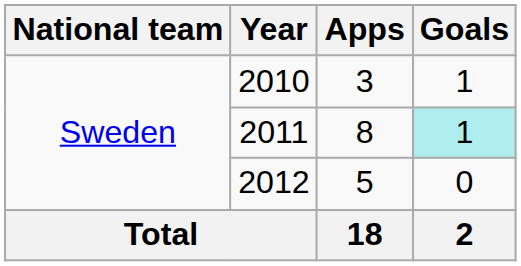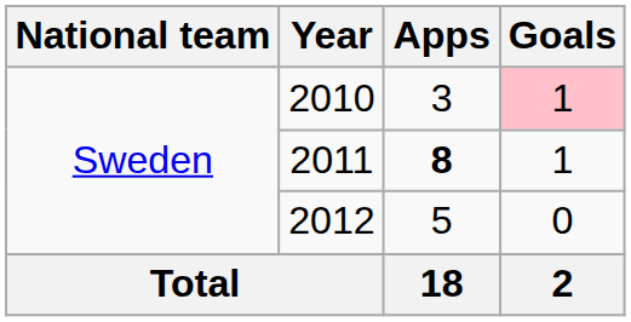 <table class="wikitable" style="text-align:center">
 <tr>
 <th>National team</th>
 <th>Year</th>
 <th>Apps</th>
 <th>Goals</th>
 </tr>
 <tr>
 <td rowspan="3"><a href='#'>Sweden</a></td>
 <td>2010</td>
 <td>3</td>
-<td>1</td>
+<td style="background: pink;">1</td>
 </tr>
 <tr>
 <td>2011</td>
-<td>8</td>
-<td style="background: paleturquoise;">1</td>
+<td><strong>8</strong></td>
+<td>1</td>
 </tr>
 <tr>
 <td>2012</td>
 <td>5</td>
 <td>0</td>
 </tr>
 <tr>
 <th colspan="2">Total</th>
 <th>18</th>
 <th>2</th>
 </tr>
 </table>
